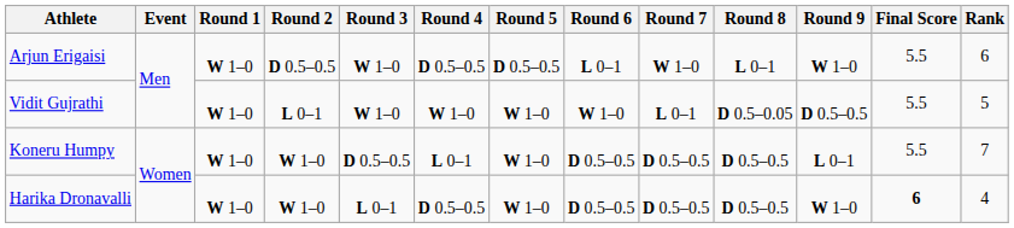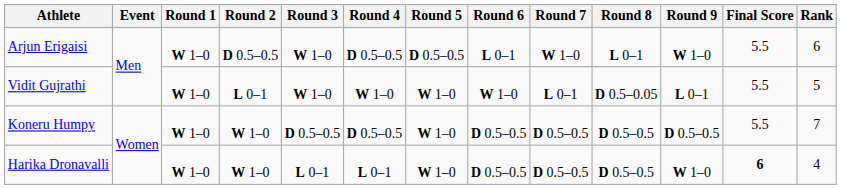 <table class="wikitable sortable collapsible" style="text-align:center; font-size:80%">
 <tr>
 <th>Athlete</th>
 <th>Event</th>
 <th>Round 1</th>
 <th>Round 2</th>
 <th>Round 3</th>
 <th>Round 4</th>
 <th>Round 5</th>
 <th>Round 6</th>
 <th>Round 7</th>
 <th>Round 8</th>
 <th>Round 9</th>
 <th>Final Score</th>
 <th>Rank</th>
 </tr>
 <tr>
 <td style="text-align:left"><a href='#'>Arjun Erigaisi</a></td>
 <td style="text-align:left" rowspan=2><a href='#'>Men</a></td>
 <td><br><strong>W</strong> 1–0</td>
 <td><br><strong>D</strong> 0.5–0.5</td>
 <td><br><strong>W</strong> 1–0</td>
 <td><br><strong>D</strong> 0.5–0.5</td>
 <td><br><strong>D</strong> 0.5–0.5</td>
 <td><br><strong>L</strong> 0–1</td>
 <td><br><strong>W</strong> 1–0</td>
 <td><br><strong>L</strong> 0–1</td>
 <td><br><strong>W</strong> 1–0</td>
 <td>5.5</td>
 <td>6</td>
 </tr>
 <tr>
 <td style="text-align:left"><a href='#'>Vidit Gujrathi</a></td>
 <td><br><strong>W</strong> 1–0</td>
 <td><br><strong>L</strong> 0–1</td>
 <td><br><strong>W</strong> 1–0</td>
 <td><br><strong>W</strong> 1–0</td>
 <td><br><strong>W</strong> 1–0</td>
 <td><br><strong>W</strong> 1–0</td>
 <td><br><strong>L</strong> 0–1</td>
 <td><br><strong>D</strong> 0.5–0.05</td>
-<td><br><strong>D</strong> 0.5–0.5</td>
+<td><br><strong>L</strong> 0–1</td>
 <td>5.5</td>
 <td>5</td>
 </tr>
 <tr>
 <td style="text-align:left"><a href='#'>Koneru Humpy</a></td>
 <td style="text-align:left" rowspan=2><a href='#'>Women</a></td>
 <td><br><strong>W</strong> 1–0</td>
 <td><br><strong>W</strong> 1–0</td>
 <td><br><strong>D</strong> 0.5–0.5</td>
-<td><br><strong>L</strong> 0–1</td>
+<td><br><strong>D</strong> 0.5–0.5</td>
 <td><br><strong>W</strong> 1–0</td>
 <td><br><strong>D</strong> 0.5–0.5</td>
 <td><br><strong>D</strong> 0.5–0.5</td>
 <td><br><strong>D</strong> 0.5–0.5</td>
-<td><br><strong>L</strong> 0–1</td>
+<td><br><strong>D</strong> 0.5–0.5</td>
 <td>5.5</td>
 <td>7</td>
 </tr>
 <tr>
 <td style="text-align:left"><a href='#'>Harika Dronavalli</a></td>
 <td><br><strong>W</strong> 1–0</td>
 <td><br><strong>W</strong> 1–0</td>
 <td><br><strong>L</strong> 0–1</td>
-<td><br><strong>D</strong> 0.5–0.5</td>
+<td><br><strong>L</strong> 0–1</td>
 <td><br><strong>W</strong> 1–0</td>
 <td><br><strong>D</strong> 0.5–0.5</td>
 <td><br><strong>D</strong> 0.5–0.5</td>
 <td><br><strong>D</strong> 0.5–0.5</td>
 <td><br><strong>W</strong> 1–0</td>
 <td><strong>6</strong></td>
 <td>4</td>
 </tr>
 </table>
